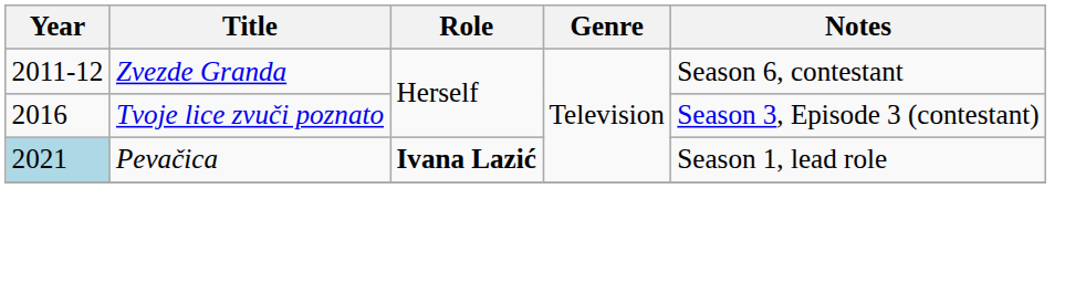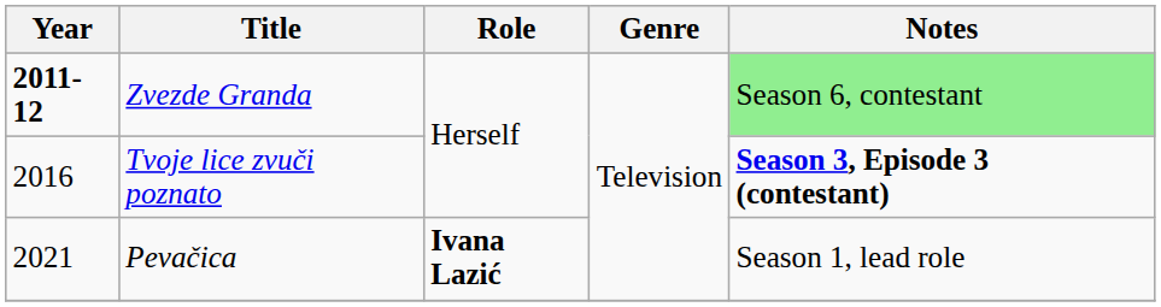 <table class="wikitable">
 <tr>
 <th>Year</th>
 <th>Title</th>
 <th>Role</th>
 <th>Genre</th>
 <th>Notes</th>
 </tr>
 <tr>
-<td>2011-12</td>
+<td><strong>2011-12</strong></td>
 <td><em><a href='#'>Zvezde Granda</a></em></td>
 <td rowspan="2">Herself</td>
 <td rowspan="3">Television</td>
-<td>Season 6, contestant</td>
+<td style="background: lightgreen;">Season 6, contestant</td>
 </tr>
 <tr>
 <td>2016</td>
 <td><em><a href='#'>Tvoje lice zvuči poznato</a></em></td>
-<td><a href='#'>Season 3</a>, Episode 3 (contestant)</td>
+<td><strong><a href='#'>Season 3</a>, Episode 3 (contestant)</strong></td>
 </tr>
 <tr>
-<td style="background: lightblue;">2021</td>
+<td>2021</td>
 <td><em>Pevačica</em></td>
 <td><strong>Ivana Lazić</strong></td>
 <td>Season 1, lead role</td>
 </tr>
 <tr>
 </tr>
 </table>
